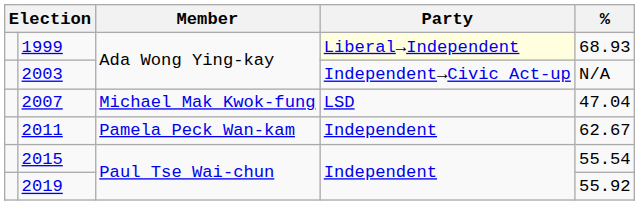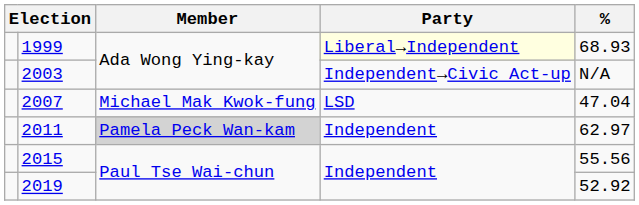 <table class="wikitable">
 <tr>
 <th colspan="2">Election</th>
 <th>Member</th>
 <th>Party</th>
 <th>%</th>
 </tr>
 <tr>
 <td style="background-color: "></td>
 <td><a href='#'>1999</a></td>
 <td rowspan=2>Ada Wong Ying-kay</td>
 <td style="background: lightyellow;"><a href='#'>Liberal</a>→<a href='#'>Independent</a></td>
 <td>68.93</td>
 </tr>
 <tr>
 <td style="background-color: "></td>
 <td><a href='#'>2003</a></td>
 <td><a href='#'>Independent</a>→<a href='#'>Civic Act-up</a></td>
 <td>N/A</td>
 </tr>
 <tr>
 <td style="background-color: "></td>
 <td><a href='#'>2007</a></td>
 <td><a href='#'>Michael Mak Kwok-fung</a></td>
 <td><a href='#'>LSD</a></td>
 <td>47.04</td>
 </tr>
 <tr>
 <td style="background-color: "></td>
 <td><a href='#'>2011</a></td>
-<td><a href='#'>Pamela Peck Wan-kam</a></td>
+<td style="background: lightgrey;"><a href='#'>Pamela Peck Wan-kam</a></td>
 <td><a href='#'>Independent</a></td>
-<td>62.67</td>
+<td>62.97</td>
 </tr>
 <tr>
 <td style="background-color: "></td>
 <td><a href='#'>2015</a></td>
 <td rowspan=2><a href='#'>Paul Tse Wai-chun</a></td>
 <td rowspan=2><a href='#'>Independent</a></td>
-<td>55.54</td>
+<td>55.56</td>
 </tr>
 <tr>
 <td style="background-color: "></td>
 <td><a href='#'>2019</a></td>
-<td>55.92</td>
+<td>52.92</td>
 </tr>
 </table>
